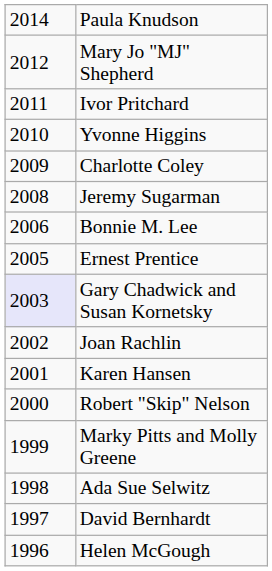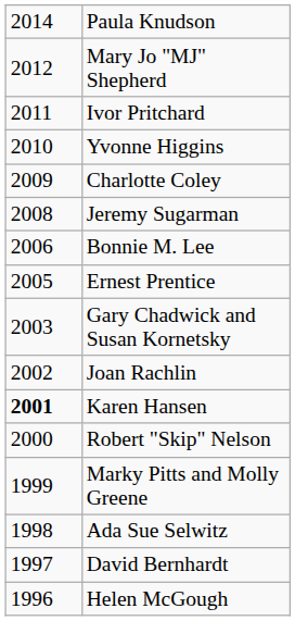 <table class="wikitable" style="margin: 1em auto 1em auto;">
 <tr>
 <td>2014</td>
 <td>Paula Knudson</td>
 </tr>
 <tr>
 <td>2012</td>
 <td>Mary Jo "MJ" Shepherd</td>
 </tr>
 <tr>
 <td width="50pt">2011</td>
 <td width="150pt">Ivor Pritchard</td>
 </tr>
 <tr>
 <td>2010</td>
 <td>Yvonne Higgins</td>
 </tr>
 <tr>
 <td>2009</td>
 <td>Charlotte Coley</td>
 </tr>
 <tr>
 <td>2008</td>
 <td>Jeremy Sugarman</td>
 </tr>
 <tr>
 <td>2006</td>
 <td>Bonnie M. Lee</td>
 </tr>
 <tr>
 <td>2005</td>
 <td>Ernest Prentice</td>
 </tr>
 <tr>
-<td style="background: lavender;">2003</td>
+<td>2003</td>
 <td>Gary Chadwick and Susan Kornetsky</td>
 </tr>
 <tr>
 <td>2002</td>
 <td>Joan Rachlin</td>
 </tr>
 <tr>
-<td>2001</td>
+<td><strong>2001</strong></td>
 <td>Karen Hansen</td>
 </tr>
 <tr>
 <td>2000</td>
 <td>Robert "Skip" Nelson</td>
 </tr>
 <tr>
 <td>1999</td>
 <td>Marky Pitts and Molly Greene</td>
 </tr>
 <tr>
 <td>1998</td>
 <td>Ada Sue Selwitz</td>
 </tr>
 <tr>
 <td>1997</td>
 <td>David Bernhardt</td>
 </tr>
 <tr>
 <td>1996</td>
 <td>Helen McGough</td>
 </tr>
 </table>
